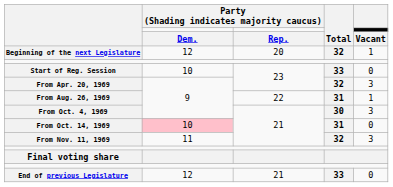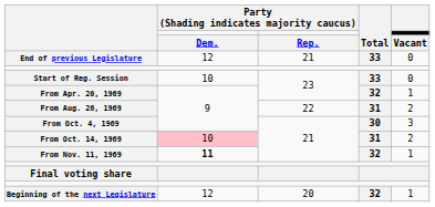 <table class=wikitable style="text-align:center">
 <tr style="vertical-align:bottom;">
 <th rowspan=3></th>
 <th colspan=2>Party <div>(Shading indicates majority caucus)</div></th>
 <th rowspan=3>Total</th>
 <th></th>
 </tr>
 <tr style="height:5px">
 <td style="background-color:"></td>
 <td style="background-color:"></td>
 <td style="background:black;"></td>
 </tr>
 <tr>
 <th><a href='#'>Dem.</a></th>
 <th><a href='#'>Rep.</a></th>
 <th>Vacant</th>
 </tr>
 <tr>
-<th style="font-size:80%;">Beginning of the <a href='#'>next Legislature</a></th>
+<th style="font-size:80%;">End of <a href='#'>previous Legislature</a></th>
 <td>12</td>
-<td>20</td>
-<th>32</th>
-<td>1</td>
+<td>21</td>
+<th>33</th>
+<td>0</td>
 </tr>
 <tr>
 <td colspan=5></td>
 </tr>
 <tr>
 <th style="font-size:80%;">Start of Reg. Session</th>
 <td>10</td>
 <td rowspan="2" >23</td>
 <th>33</th>
 <td>0</td>
 </tr>
 <tr>
 <th style="font-size:80%;">From Apr. 20, 1969</th>
 <td rowspan="3">9</td>
 <th>32</th>
-<td>3</td>
+<td>1</td>
 </tr>
 <tr>
 <th style="font-size:80%;">From Aug. 26, 1969</th>
 <td>22</td>
 <th>31</th>
-<td>1</td>
+<td>2</td>
 </tr>
 <tr>
 <th style="font-size:80%;">From Oct. 4, 1969</th>
 <td rowspan="3" >21</td>
 <th>30</th>
 <td>3</td>
 </tr>
 <tr>
 <th style="font-size:80%;">From Oct. 14, 1969</th>
 <td style="background: pink;">10</td>
 <th>31</th>
-<td>0</td>
+<td>2</td>
 </tr>
 <tr>
 <th style="font-size:80%;">From Nov. 11, 1969</th>
-<td>11</td>
+<td><strong>11</strong></td>
 <th>32</th>
-<td>3</td>
+<td>1</td>
 </tr>
 <tr>
 <td colspan=5></td>
 </tr>
 <tr>
 <th>Final voting share</th>
 <th></th>
 <th></th>
 <th colspan=2></th>
 </tr>
 <tr>
 <td colspan=5></td>
 </tr>
 <tr>
-<th style="font-size:80%;">End of <a href='#'>previous Legislature</a></th>
+<th style="font-size:80%;">Beginning of the <a href='#'>next Legislature</a></th>
 <td>12</td>
-<td>21</td>
-<th>33</th>
-<td>0</td>
+<td>20</td>
+<th>32</th>
+<td>1</td>
 </tr>
 </table>
